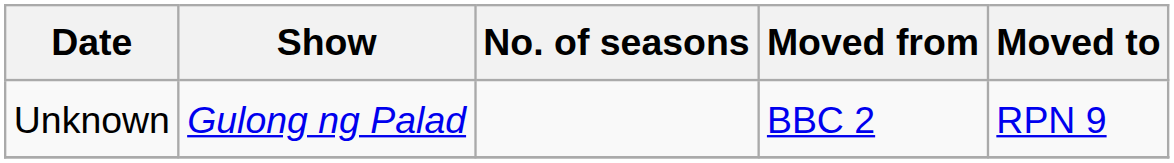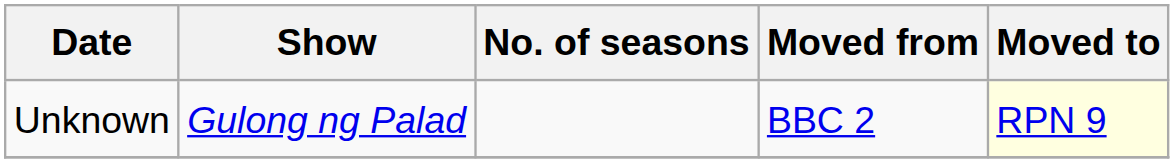 <table class="wikitable" style="text-align:left; line-height:25px; width:auto;">
 <tr>
 <th>Date</th>
 <th>Show</th>
 <th>No. of seasons</th>
 <th>Moved from</th>
 <th>Moved to</th>
 </tr>
 <tr>
 <td>Unknown</td>
 <td><em><a href='#'>Gulong ng Palad</a></em></td>
 <td></td>
 <td><a href='#'>BBC 2</a></td>
-<td><a href='#'>RPN 9</a></td>
+<td style="background: lightyellow;"><a href='#'>RPN 9</a></td>
 </tr>
 <tr>
 </tr>
 </table>
